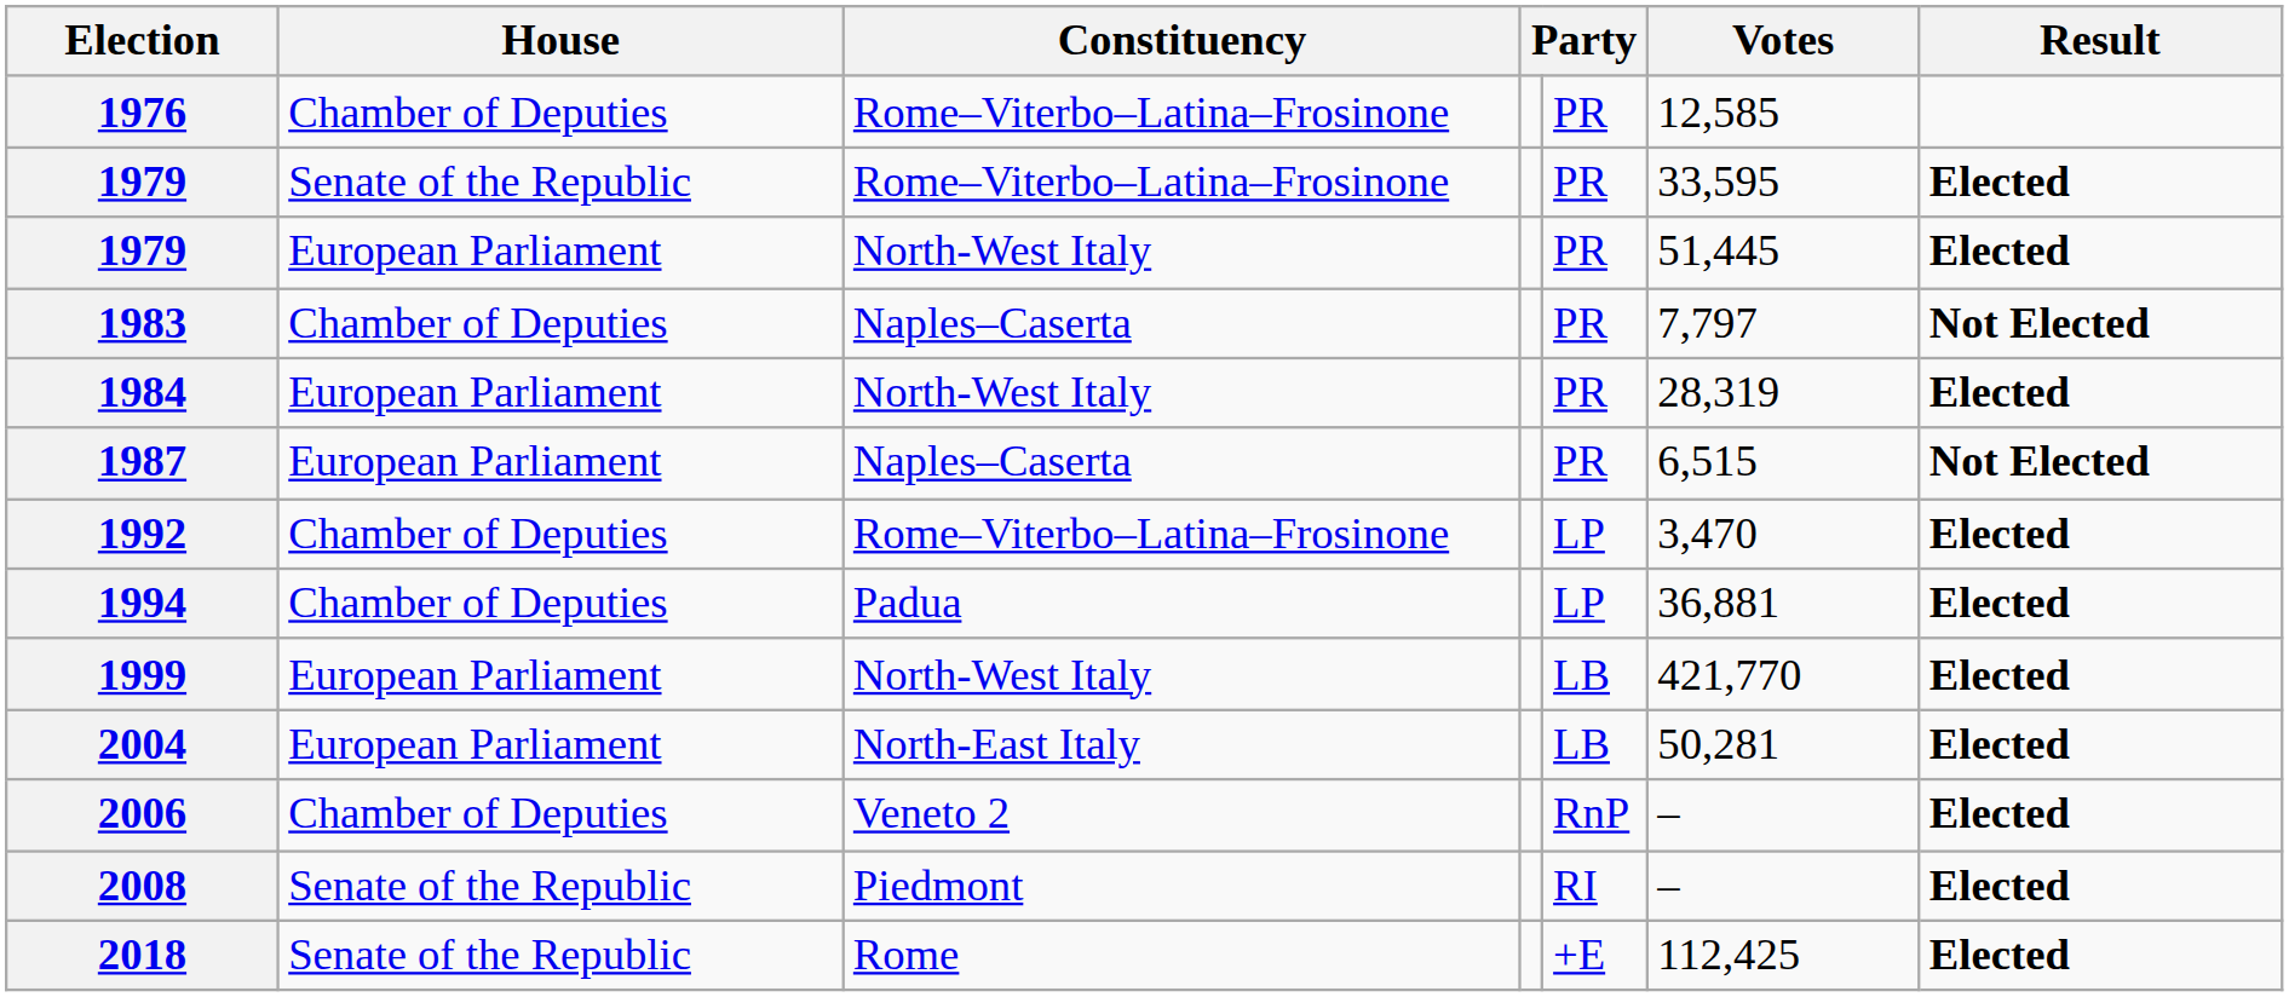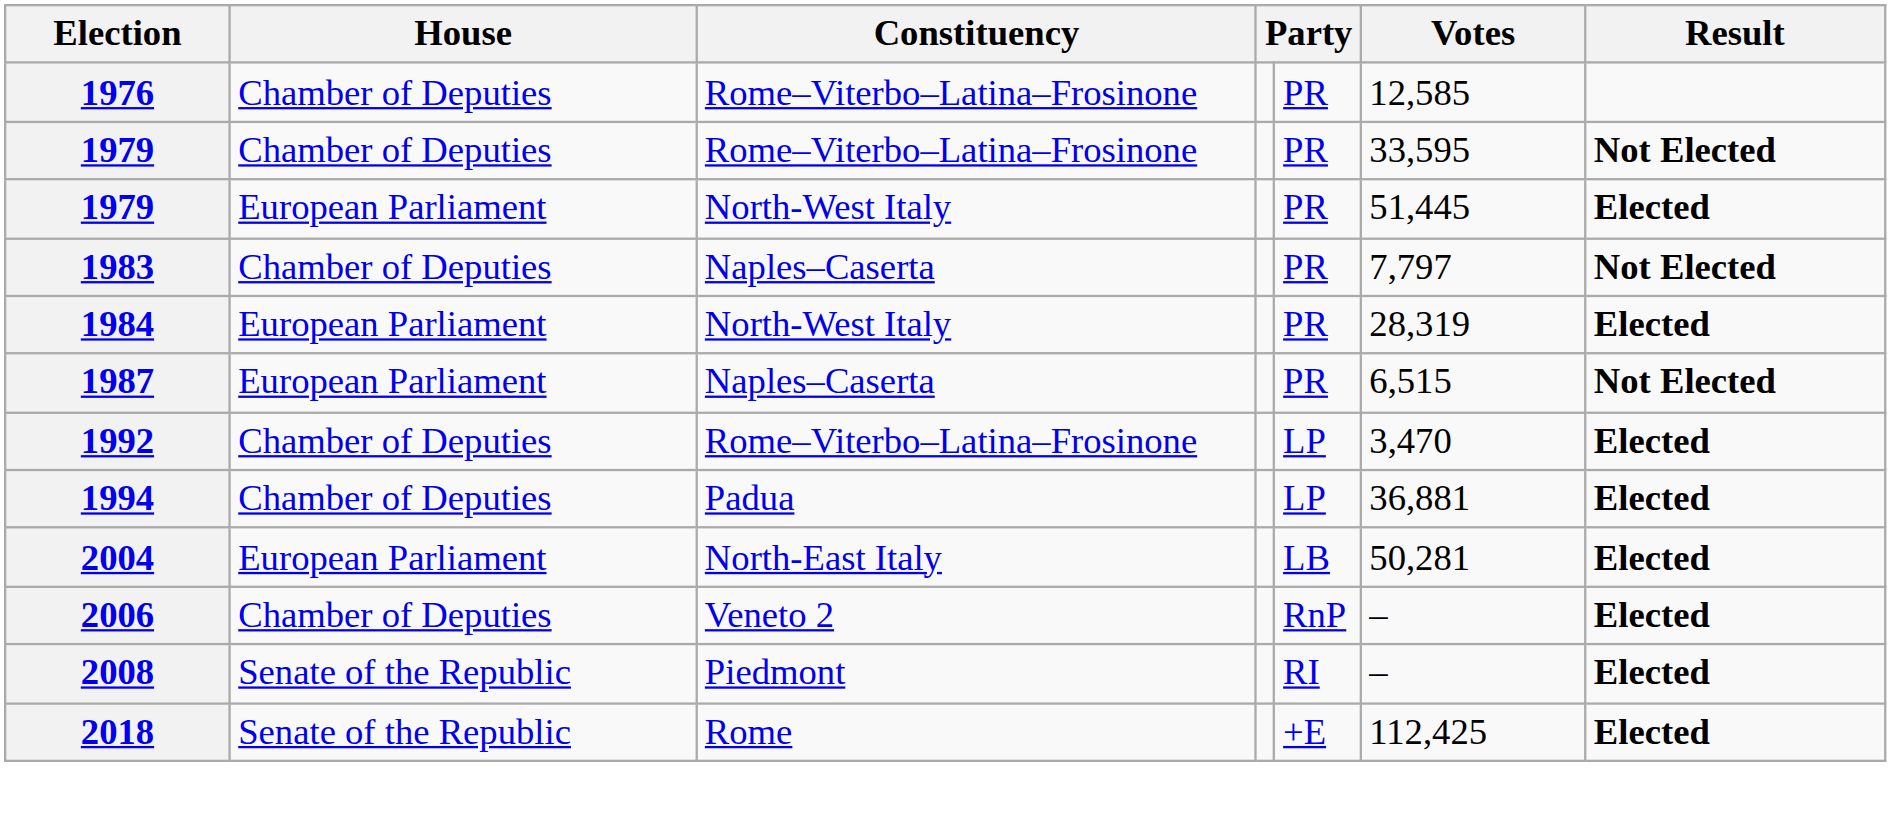 <table class=wikitable style="width:65%; border:1px #AAAAFF solid">
 <tr>
 <th width=12%>Election</th>
 <th width=25%>House</th>
 <th width=30%>Constituency</th>
 <th width=5% colspan="2">Party</th>
 <th width=12%>Votes</th>
 <th width=25%>Result</th>
 </tr>
 <tr>
 <th><a href='#'>1976</a></th>
 <td><a href='#'>Chamber of Deputies</a></td>
 <td><a href='#'>Rome–Viterbo–Latina–Frosinone</a></td>
 <td></td>
 <td><a href='#'>PR</a></td>
 <td>12,585</td>
 <td></td>
 </tr>
 <tr>
 <th><a href='#'>1979</a></th>
-<td><a href='#'>Senate of the Republic</a></td>
+<td><a href='#'>Chamber of Deputies</a></td>
 <td><a href='#'>Rome–Viterbo–Latina–Frosinone</a></td>
 <td></td>
 <td><a href='#'>PR</a></td>
 <td>33,595</td>
-<td> <strong>Elected</strong></td>
+<td> <strong>Not Elected</strong></td>
 </tr>
 <tr>
 <th><a href='#'>1979</a></th>
 <td><a href='#'>European Parliament</a></td>
 <td><a href='#'>North-West Italy</a></td>
 <td></td>
 <td><a href='#'>PR</a></td>
 <td>51,445</td>
 <td> <strong>Elected</strong></td>
 </tr>
 <tr>
 <th><a href='#'>1983</a></th>
 <td><a href='#'>Chamber of Deputies</a></td>
 <td><a href='#'>Naples–Caserta</a></td>
 <td></td>
 <td><a href='#'>PR</a></td>
 <td>7,797</td>
 <td> <strong>Not Elected</strong></td>
 </tr>
 <tr>
 <th><a href='#'>1984</a></th>
 <td><a href='#'>European Parliament</a></td>
 <td><a href='#'>North-West Italy</a></td>
 <td></td>
 <td><a href='#'>PR</a></td>
 <td>28,319</td>
 <td> <strong>Elected</strong></td>
 </tr>
 <tr>
 <th><a href='#'>1987</a></th>
 <td><a href='#'>European Parliament</a></td>
 <td><a href='#'>Naples–Caserta</a></td>
 <td></td>
 <td><a href='#'>PR</a></td>
 <td>6,515</td>
 <td> <strong>Not Elected</strong></td>
 </tr>
 <tr>
 <th><a href='#'>1992</a></th>
 <td><a href='#'>Chamber of Deputies</a></td>
 <td><a href='#'>Rome–Viterbo–Latina–Frosinone</a></td>
 <td></td>
 <td><a href='#'>LP</a></td>
 <td>3,470</td>
 <td> <strong>Elected</strong></td>
 </tr>
 <tr>
 <th><a href='#'>1994</a></th>
 <td><a href='#'>Chamber of Deputies</a></td>
 <td><a href='#'>Padua</a></td>
 <td></td>
 <td><a href='#'>LP</a></td>
 <td>36,881</td>
 <td> <strong>Elected</strong></td>
 </tr>
 <tr>
-<th><a href='#'>1999</a></th>
-<td><a href='#'>European Parliament</a></td>
-<td><a href='#'>North-West Italy</a></td>
-<td></td>
-<td><a href='#'>LB</a></td>
-<td>421,770</td>
-<td> <strong>Elected</strong></td>
-</tr>
-<tr>
 <th><a href='#'>2004</a></th>
 <td><a href='#'>European Parliament</a></td>
 <td><a href='#'>North-East Italy</a></td>
 <td></td>
 <td><a href='#'>LB</a></td>
 <td>50,281</td>
 <td> <strong>Elected</strong></td>
 </tr>
 <tr>
 <th><a href='#'>2006</a></th>
 <td><a href='#'>Chamber of Deputies</a></td>
 <td><a href='#'>Veneto 2</a></td>
 <td></td>
 <td><a href='#'>RnP</a></td>
 <td>–</td>
 <td> <strong>Elected</strong></td>
 </tr>
 <tr>
 <th><a href='#'>2008</a></th>
 <td><a href='#'>Senate of the Republic</a></td>
 <td><a href='#'>Piedmont</a></td>
 <td></td>
 <td><a href='#'>RI</a></td>
 <td>–</td>
 <td> <strong>Elected</strong></td>
 </tr>
 <tr>
 <th><a href='#'>2018</a></th>
 <td><a href='#'>Senate of the Republic</a></td>
 <td><a href='#'>Rome</a></td>
 <td></td>
 <td><a href='#'>+E</a></td>
 <td>112,425</td>
 <td> <strong>Elected</strong></td>
 </tr>
 </table>
